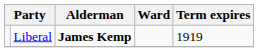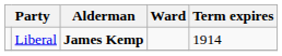 <table class="wikitable">
 <tr>
 <th colspan="2">Party</th>
 <th>Alderman</th>
 <th>Ward</th>
 <th>Term expires</th>
 </tr>
 <tr>
 <td style="background-color:"></td>
 <td><a href='#'>Liberal</a></td>
 <td><strong>James Kemp</strong></td>
 <td><strong> </strong></td>
-<td>1919</td>
+<td>1914</td>
 </tr>
 <tr>
 </tr>
 </table>
